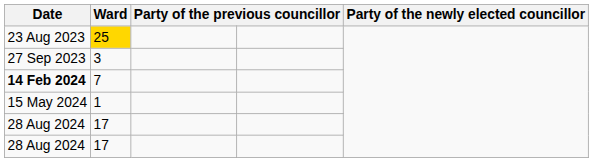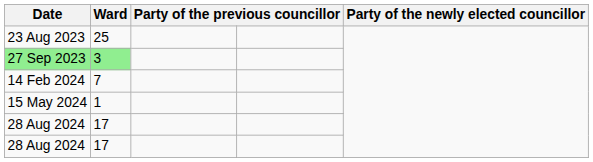 <table class="wikitable">
 <tr>
 <th>Date</th>
 <th>Ward</th>
 <th colspan=2>Party of the previous councillor</th>
 <th colspan=2>Party of the newly elected councillor</th>
 </tr>
 <tr>
 <td>23 Aug 2023</td>
-<td style="background: gold;">25</td>
+<td>25</td>
 <td></td>
 <td></td>
 </tr>
 <tr>
-<td>27 Sep 2023</td>
-<td>3</td>
+<td style="background: lightgreen;">27 Sep 2023</td>
+<td style="background: lightgreen;">3</td>
 <td></td>
 <td></td>
 </tr>
 <tr>
-<td><strong>14 Feb 2024</strong></td>
+<td>14 Feb 2024</td>
 <td>7</td>
 <td></td>
 <td></td>
 </tr>
 <tr>
 <td>15 May 2024</td>
 <td>1</td>
 <td></td>
 <td></td>
 </tr>
 <tr>
 <td>28 Aug 2024</td>
 <td>17</td>
 <td></td>
 <td></td>
 </tr>
 <tr>
 <td>28 Aug 2024</td>
 <td>17</td>
 <td></td>
 <td></td>
 </tr>
 </table>
